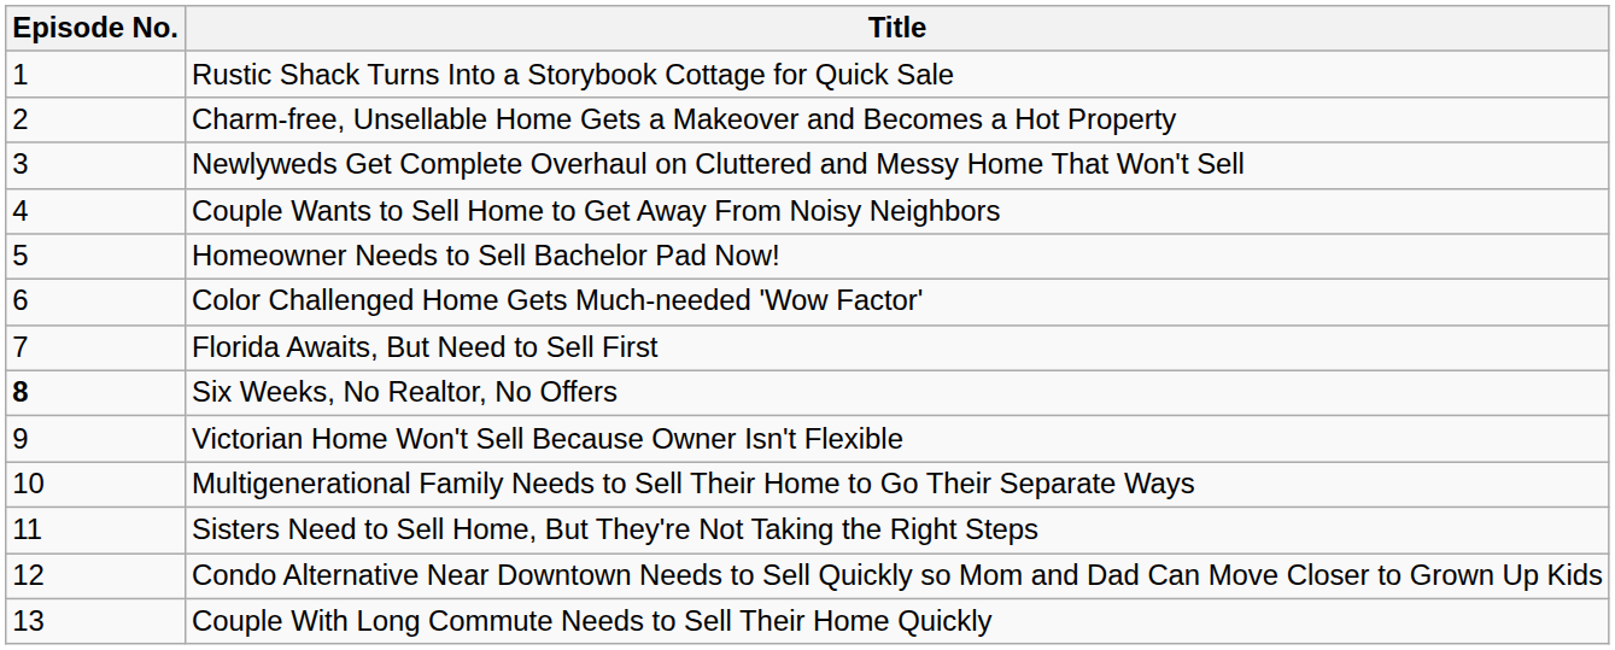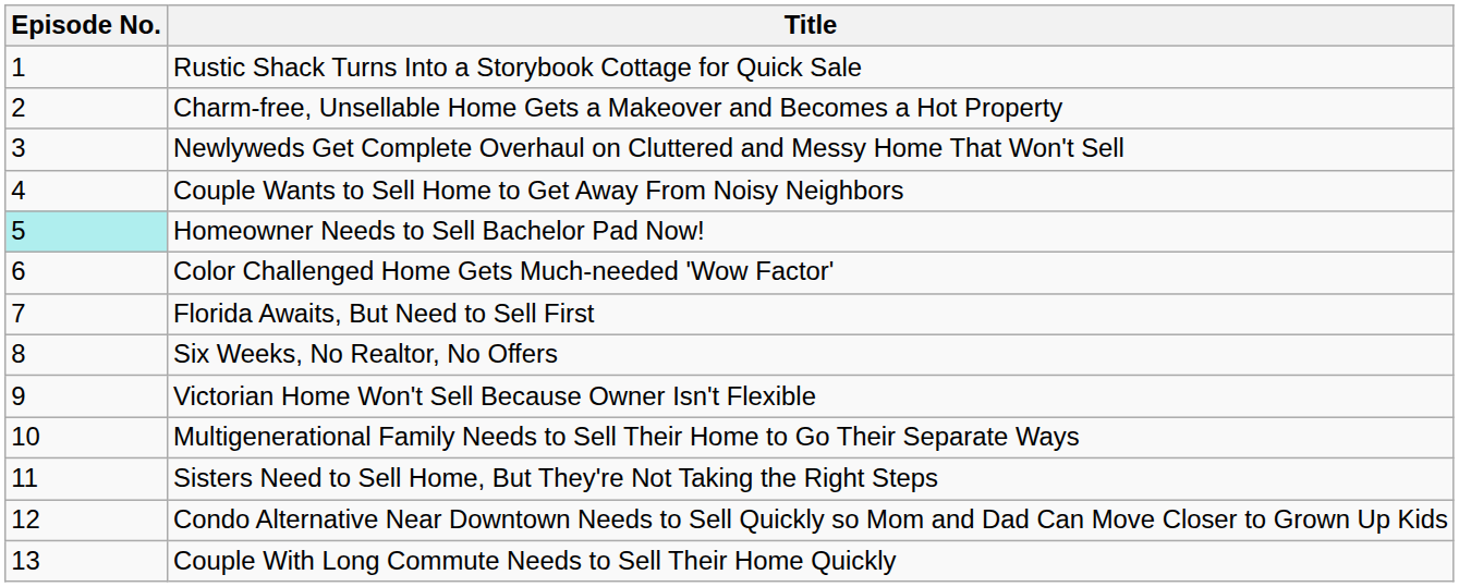 <table class="wikitable">
 <tr>
 <th>Episode No.</th>
 <th>Title</th>
 </tr>
 <tr>
 <td>1</td>
 <td>Rustic Shack Turns Into a Storybook Cottage for Quick Sale</td>
 </tr>
 <tr>
 <td>2</td>
 <td>Charm-free, Unsellable Home Gets a Makeover and Becomes a Hot Property</td>
 </tr>
 <tr>
 <td>3</td>
 <td>Newlyweds Get Complete Overhaul on Cluttered and Messy Home That Won't Sell</td>
 </tr>
 <tr>
 <td>4</td>
 <td>Couple Wants to Sell Home to Get Away From Noisy Neighbors</td>
 </tr>
 <tr>
-<td>5</td>
+<td style="background: paleturquoise;">5</td>
 <td>Homeowner Needs to Sell Bachelor Pad Now!</td>
 </tr>
 <tr>
 <td>6</td>
 <td>Color Challenged Home Gets Much-needed 'Wow Factor'</td>
 </tr>
 <tr>
 <td>7</td>
 <td>Florida Awaits, But Need to Sell First</td>
 </tr>
 <tr>
-<td><strong>8</strong></td>
+<td>8</td>
 <td>Six Weeks, No Realtor, No Offers</td>
 </tr>
 <tr>
 <td>9</td>
 <td>Victorian Home Won't Sell Because Owner Isn't Flexible</td>
 </tr>
 <tr>
 <td>10</td>
 <td>Multigenerational Family Needs to Sell Their Home to Go Their Separate Ways</td>
 </tr>
 <tr>
 <td>11</td>
 <td>Sisters Need to Sell Home, But They're Not Taking the Right Steps</td>
 </tr>
 <tr>
 <td>12</td>
 <td>Condo Alternative Near Downtown Needs to Sell Quickly so Mom and Dad Can Move Closer to Grown Up Kids</td>
 </tr>
 <tr>
 <td>13</td>
 <td>Couple With Long Commute Needs to Sell Their Home Quickly</td>
 </tr>
 </table>
